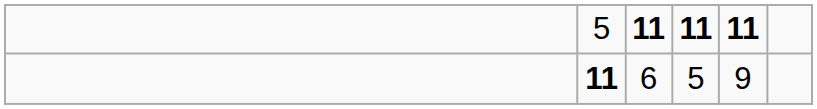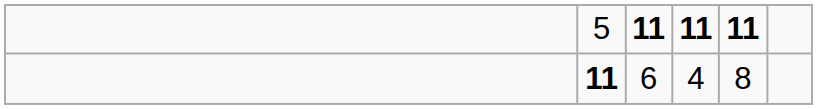 <table class="wikitable">
 <tr>
 <td style="width:18em"><strong></strong></td>
 <td align=center style="width:1em">5</td>
 <td align=center style="width:1em"><strong>11</strong></td>
 <td align=center style="width:1em"><strong>11</strong></td>
 <td align=center style="width:1em"><strong>11</strong></td>
 <td align=center style="width:1em"></td>
 </tr>
 <tr>
 <td style="width:18em"></td>
 <td align=center style="width:1em"><strong>11</strong></td>
 <td align=center style="width:1em">6</td>
-<td align=center style="width:1em">5</td>
-<td align=center style="width:1em">9</td>
+<td align=center style="width:1em">4</td>
+<td align=center style="width:1em">8</td>
 <td align=center style="width:1em"></td>
 </tr>
 </table>
